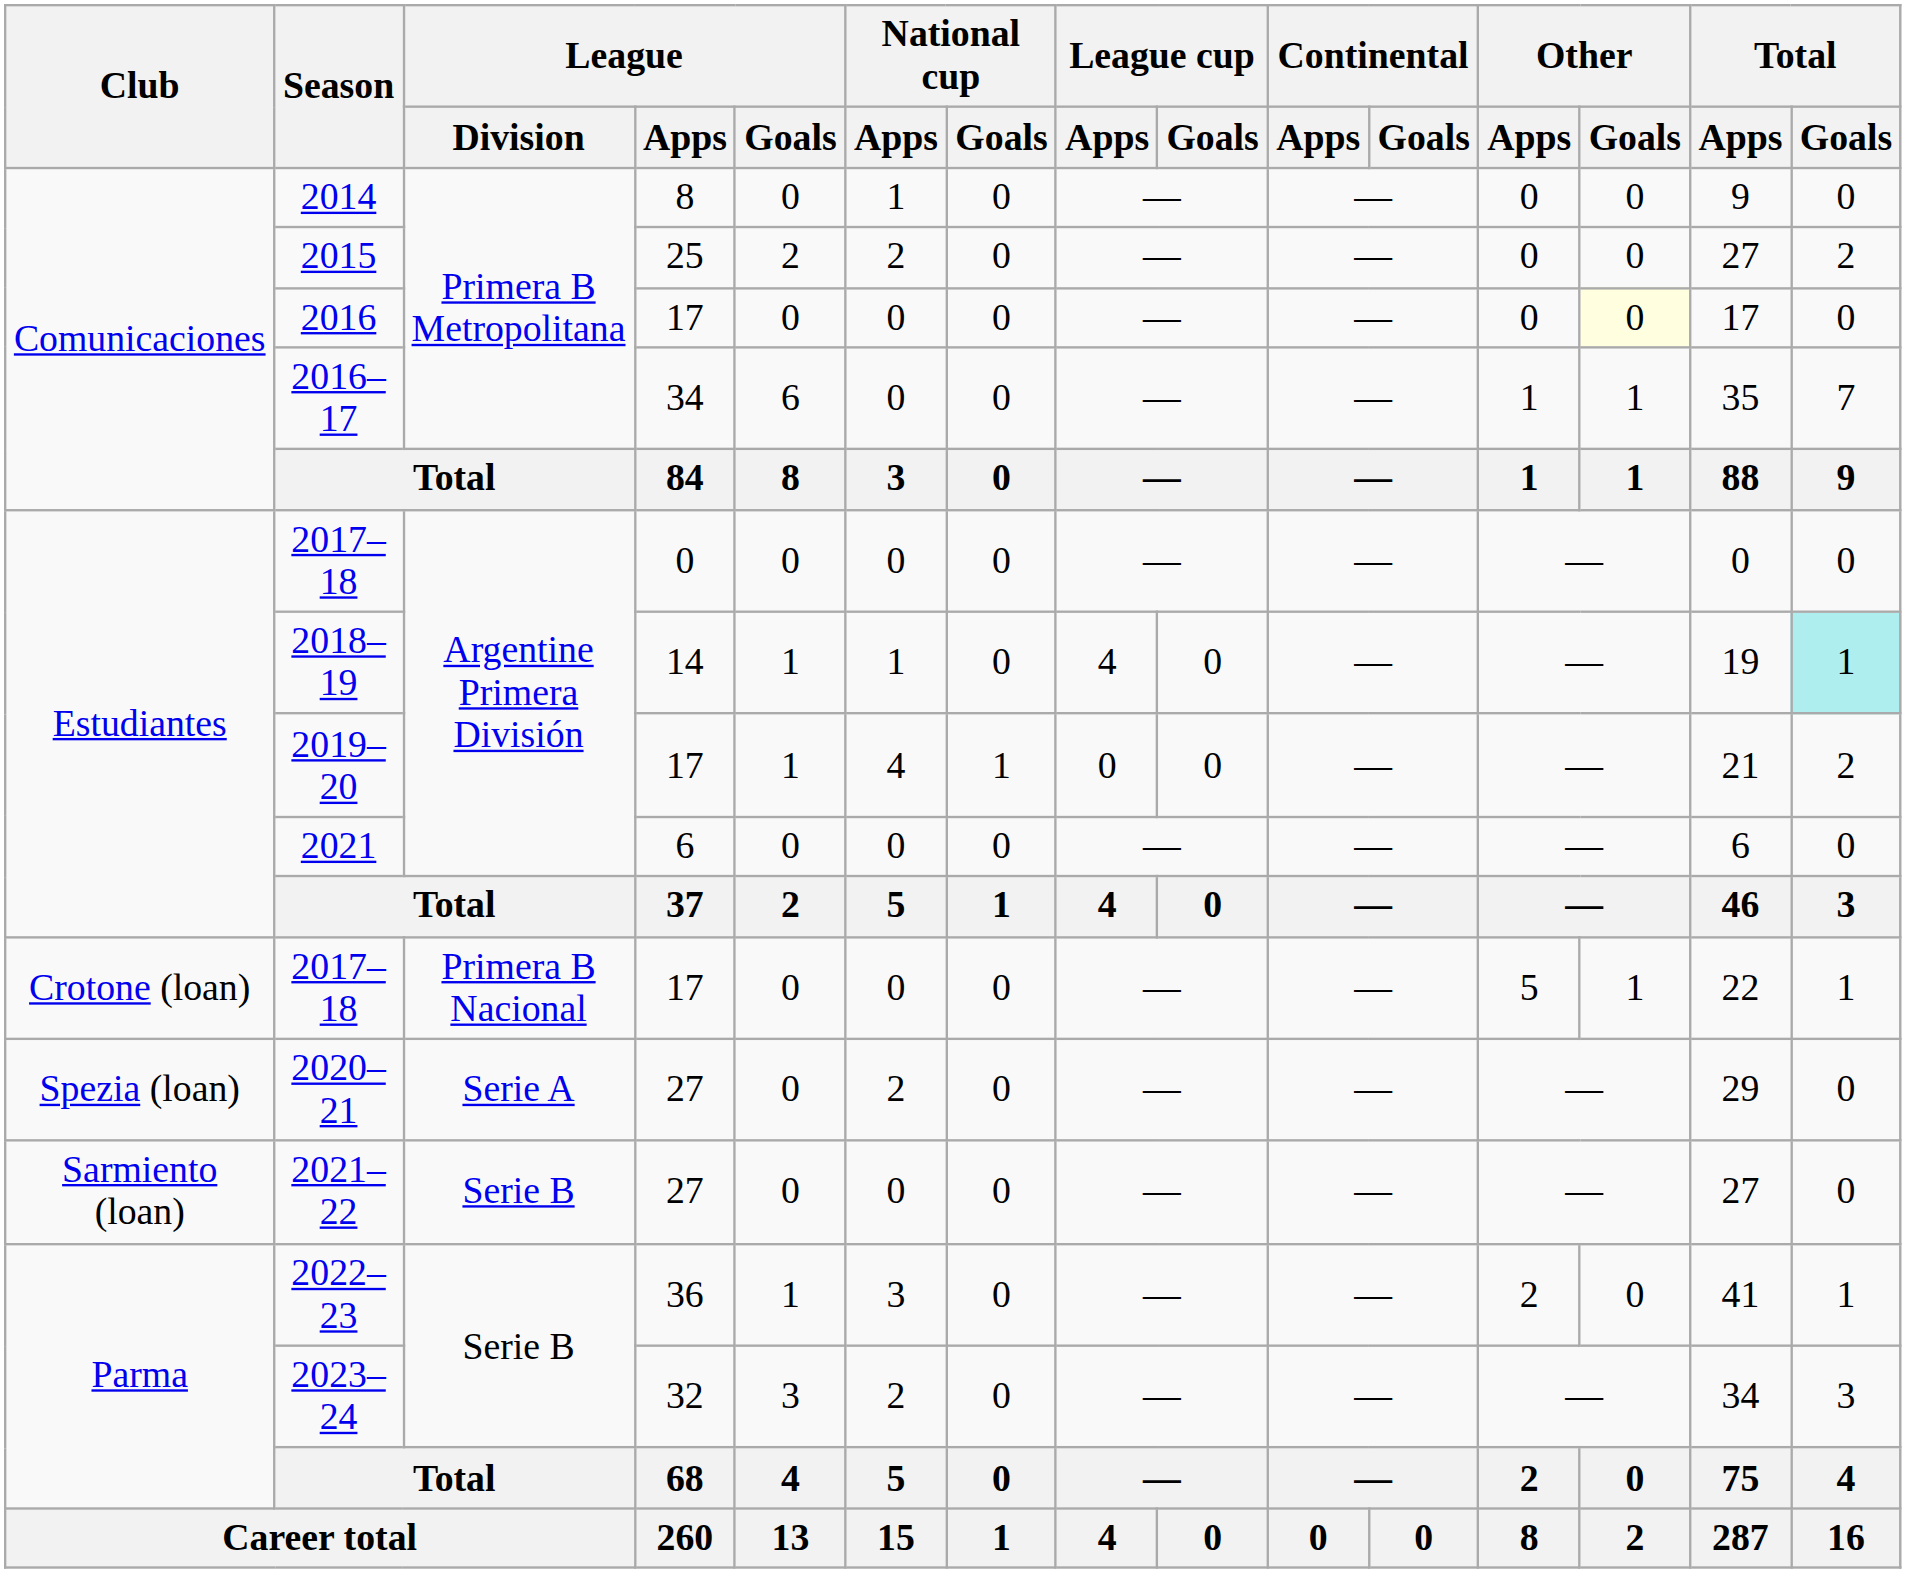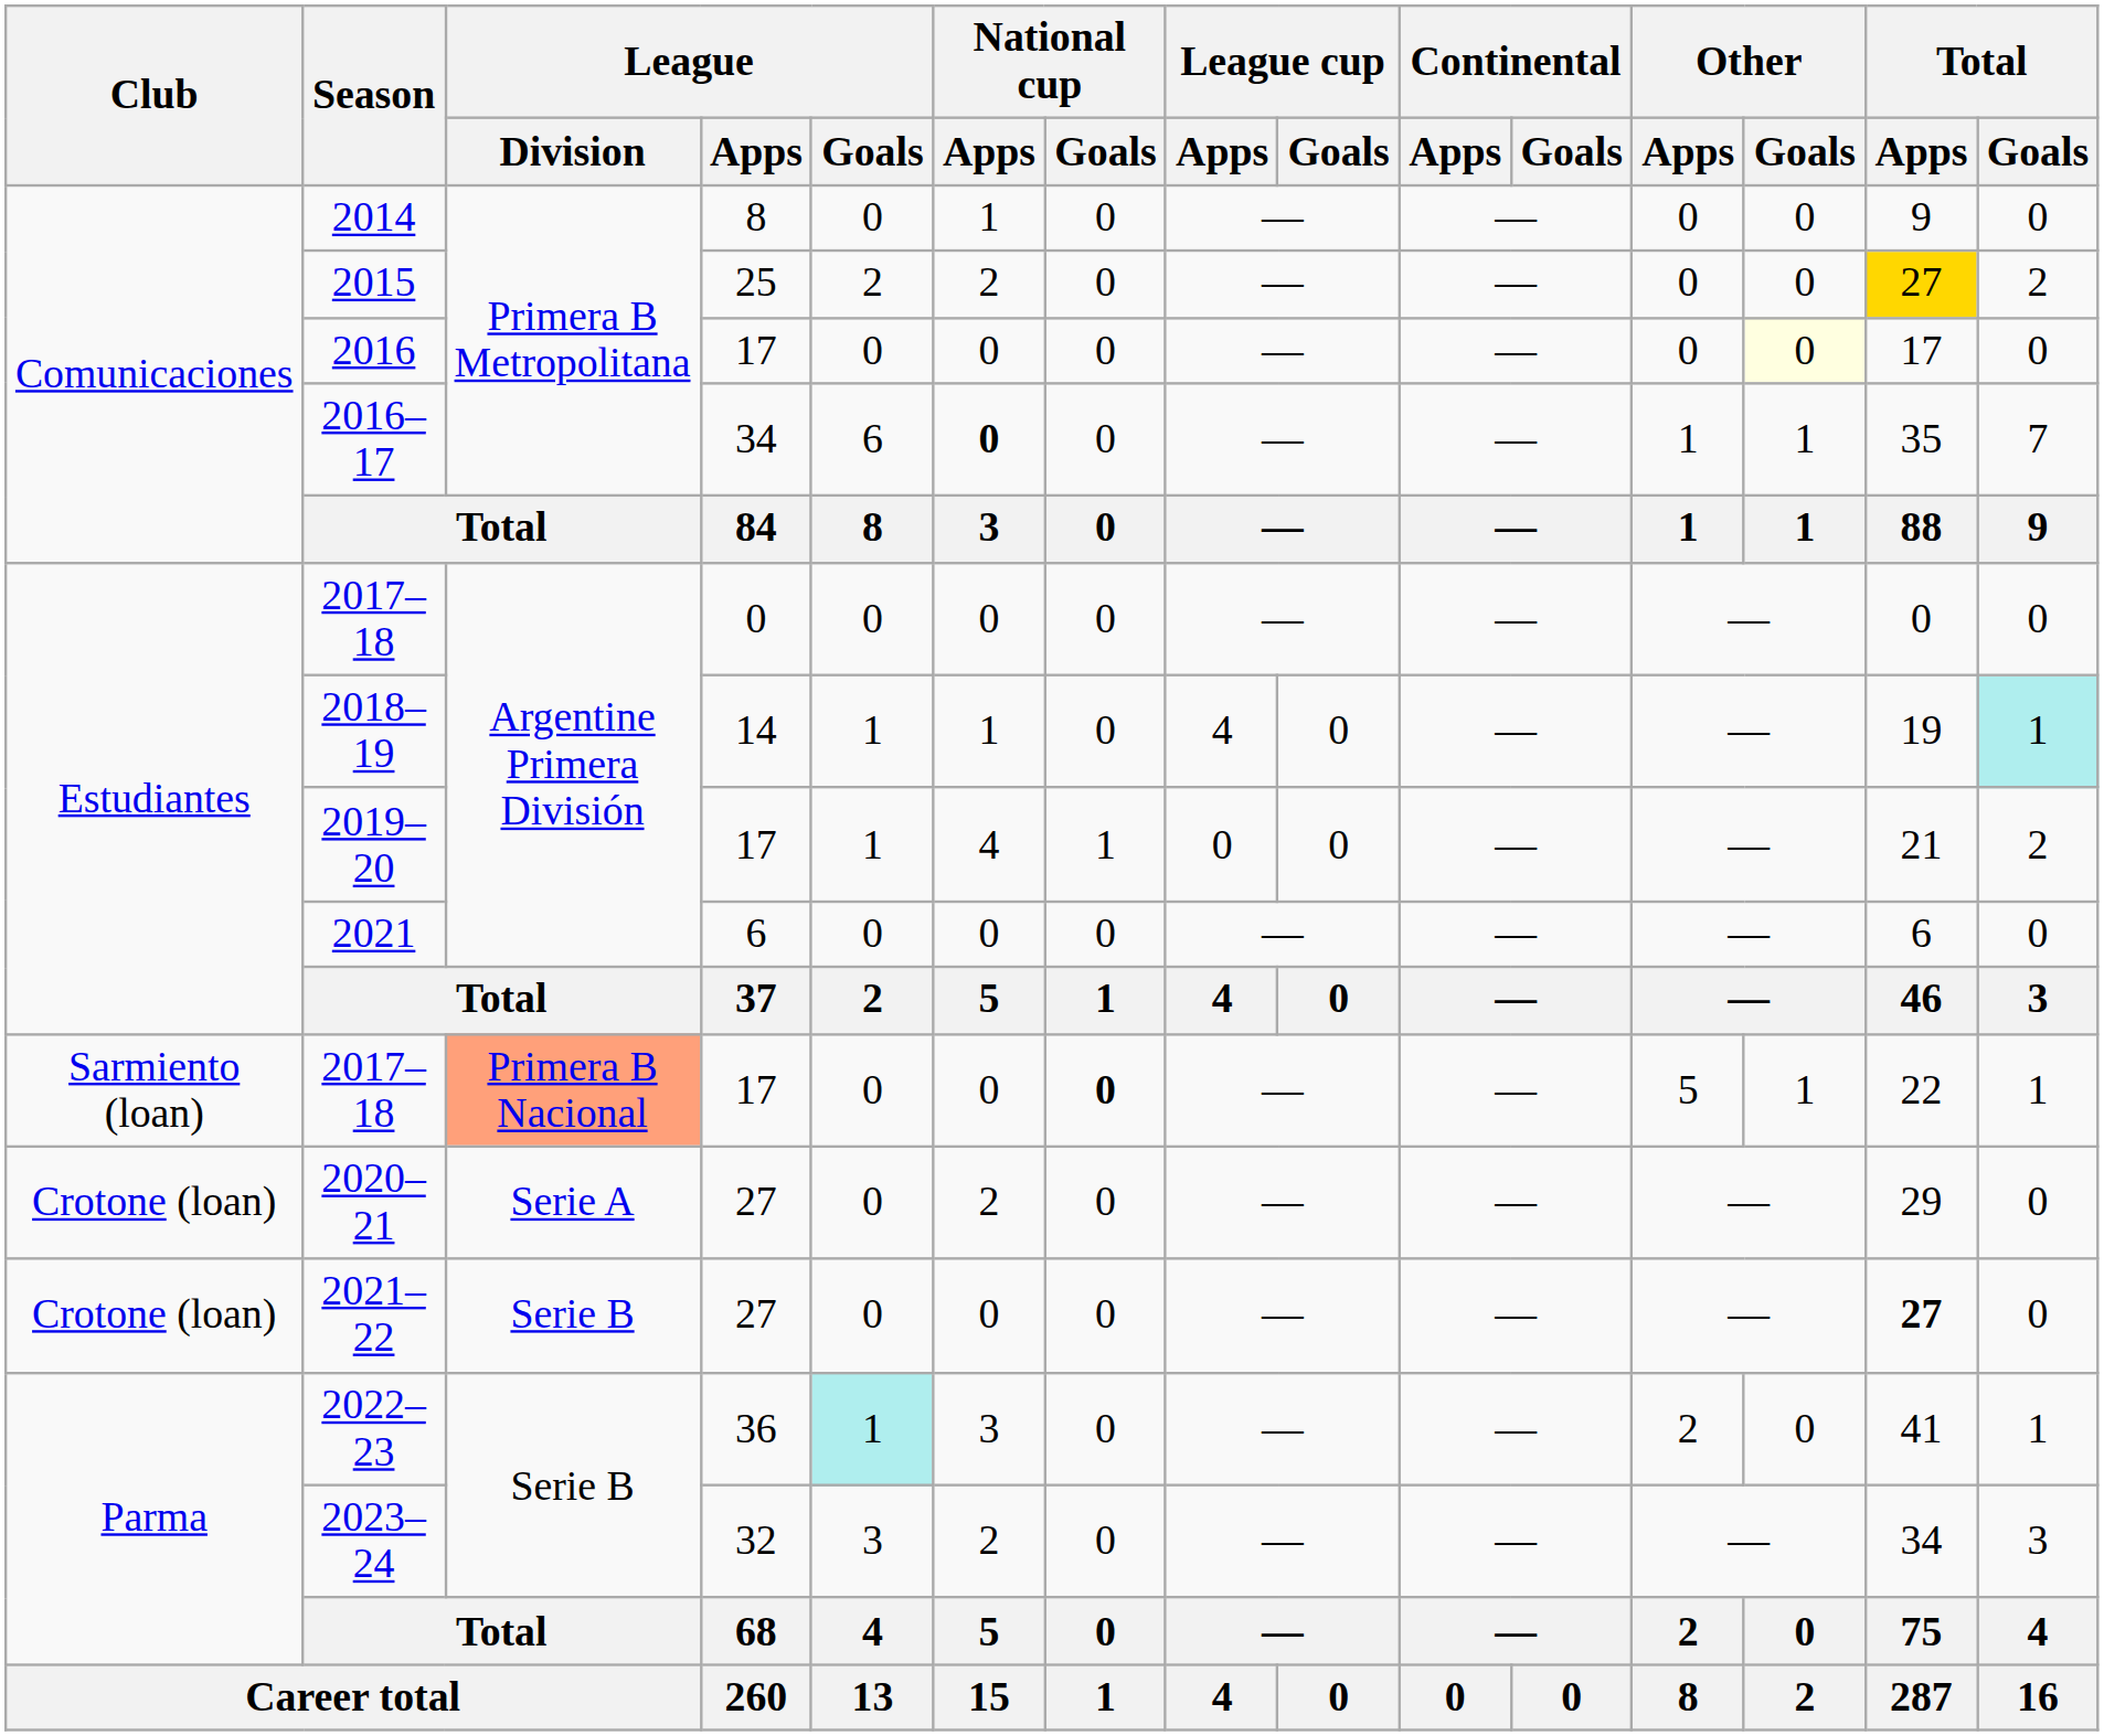 <table class="wikitable" style="text-align:center">
 <tr>
 <th rowspan="2">Club</th>
 <th rowspan="2">Season</th>
 <th colspan="3">League</th>
 <th colspan="2">National cup</th>
 <th colspan="2">League cup</th>
 <th colspan="2">Continental</th>
 <th colspan="2">Other</th>
 <th colspan="2">Total</th>
 </tr>
 <tr>
 <th>Division</th>
 <th>Apps</th>
 <th>Goals</th>
 <th>Apps</th>
 <th>Goals</th>
 <th>Apps</th>
 <th>Goals</th>
 <th>Apps</th>
 <th>Goals</th>
 <th>Apps</th>
 <th>Goals</th>
 <th>Apps</th>
 <th>Goals</th>
 </tr>
 <tr>
 <td rowspan="5"><a href='#'>Comunicaciones</a></td>
 <td><a href='#'>2014</a></td>
 <td rowspan="4"><a href='#'>Primera B Metropolitana</a></td>
 <td>8</td>
 <td>0</td>
 <td>1</td>
 <td>0</td>
 <td colspan="2">—</td>
 <td colspan="2">—</td>
 <td>0</td>
 <td>0</td>
 <td>9</td>
 <td>0</td>
 </tr>
 <tr>
 <td><a href='#'>2015</a></td>
 <td>25</td>
 <td>2</td>
 <td>2</td>
 <td>0</td>
 <td colspan="2">—</td>
 <td colspan="2">—</td>
 <td>0</td>
 <td>0</td>
-<td>27</td>
+<td style="background: gold;">27</td>
 <td>2</td>
 </tr>
 <tr>
 <td><a href='#'>2016</a></td>
 <td>17</td>
 <td>0</td>
 <td>0</td>
 <td>0</td>
 <td colspan="2">—</td>
 <td colspan="2">—</td>
 <td>0</td>
 <td style="background: lightyellow;">0</td>
 <td>17</td>
 <td>0</td>
 </tr>
 <tr>
 <td><a href='#'>2016–17</a></td>
 <td>34</td>
 <td>6</td>
-<td>0</td>
+<td><strong>0</strong></td>
 <td>0</td>
 <td colspan="2">—</td>
 <td colspan="2">—</td>
 <td>1</td>
 <td>1</td>
 <td>35</td>
 <td>7</td>
 </tr>
 <tr>
 <th colspan="2">Total</th>
 <th>84</th>
 <th>8</th>
 <th>3</th>
 <th>0</th>
 <th colspan="2">—</th>
 <th colspan="2">—</th>
 <th>1</th>
 <th>1</th>
 <th>88</th>
 <th>9</th>
 </tr>
 <tr>
 <td rowspan="5"><a href='#'>Estudiantes</a></td>
 <td><a href='#'>2017–18</a></td>
 <td rowspan="4"><a href='#'>Argentine Primera División</a></td>
 <td>0</td>
 <td>0</td>
 <td>0</td>
 <td>0</td>
 <td colspan="2">—</td>
 <td colspan="2">—</td>
 <td colspan="2">—</td>
 <td>0</td>
 <td>0</td>
 </tr>
 <tr>
 <td><a href='#'>2018–19</a></td>
 <td>14</td>
 <td>1</td>
 <td>1</td>
 <td>0</td>
 <td>4</td>
 <td>0</td>
 <td colspan="2">—</td>
 <td colspan="2">—</td>
 <td>19</td>
 <td style="background: paleturquoise;">1</td>
 </tr>
 <tr>
 <td><a href='#'>2019–20</a></td>
 <td>17</td>
 <td>1</td>
 <td>4</td>
 <td>1</td>
 <td>0</td>
 <td>0</td>
 <td colspan="2">—</td>
 <td colspan="2">—</td>
 <td>21</td>
 <td>2</td>
 </tr>
 <tr>
 <td><a href='#'>2021</a></td>
 <td>6</td>
 <td>0</td>
 <td>0</td>
 <td>0</td>
 <td colspan="2">—</td>
 <td colspan="2">—</td>
 <td colspan="2">—</td>
 <td>6</td>
 <td>0</td>
 </tr>
 <tr>
 <th colspan="2">Total</th>
 <th>37</th>
 <th>2</th>
 <th>5</th>
 <th>1</th>
 <th>4</th>
 <th>0</th>
 <th colspan="2">—</th>
 <th colspan="2">—</th>
 <th>46</th>
 <th>3</th>
 </tr>
 <tr>
-<td><a href='#'>Crotone</a> (loan)</td>
+<td><a href='#'>Sarmiento</a> (loan)</td>
 <td><a href='#'>2017–18</a></td>
-<td><a href='#'>Primera B Nacional</a></td>
+<td style="background: lightsalmon;"><a href='#'>Primera B Nacional</a></td>
 <td>17</td>
 <td>0</td>
 <td>0</td>
-<td>0</td>
+<td><strong>0</strong></td>
 <td colspan="2">—</td>
 <td colspan="2">—</td>
 <td>5</td>
 <td>1</td>
 <td>22</td>
 <td>1</td>
 </tr>
 <tr>
-<td><a href='#'>Spezia</a> (loan)</td>
+<td><a href='#'>Crotone</a> (loan)</td>
 <td><a href='#'>2020–21</a></td>
 <td><a href='#'>Serie A</a></td>
 <td>27</td>
 <td>0</td>
 <td>2</td>
 <td>0</td>
 <td colspan="2">—</td>
 <td colspan="2">—</td>
 <td colspan="2">—</td>
 <td>29</td>
 <td>0</td>
 </tr>
 <tr>
-<td><a href='#'>Sarmiento</a> (loan)</td>
+<td><a href='#'>Crotone</a> (loan)</td>
 <td><a href='#'>2021–22</a></td>
 <td><a href='#'>Serie B</a></td>
 <td>27</td>
 <td>0</td>
 <td>0</td>
 <td>0</td>
 <td colspan="2">—</td>
 <td colspan="2">—</td>
 <td colspan="2">—</td>
-<td>27</td>
+<td><strong>27</strong></td>
 <td>0</td>
 </tr>
 <tr>
 <td rowspan="3"><a href='#'>Parma</a></td>
 <td><a href='#'>2022–23</a></td>
 <td rowspan="2">Serie B</td>
 <td>36</td>
-<td>1</td>
+<td style="background: paleturquoise;">1</td>
 <td>3</td>
 <td>0</td>
 <td colspan="2">—</td>
 <td colspan="2">—</td>
 <td>2</td>
 <td>0</td>
 <td>41</td>
 <td>1</td>
 </tr>
 <tr>
 <td><a href='#'>2023–24</a></td>
 <td>32</td>
 <td>3</td>
 <td>2</td>
 <td>0</td>
 <td colspan="2">—</td>
 <td colspan="2">—</td>
 <td colspan="2">—</td>
 <td>34</td>
 <td>3</td>
 </tr>
 <tr>
 <th colspan="2">Total</th>
 <th>68</th>
 <th>4</th>
 <th>5</th>
 <th>0</th>
 <th colspan="2">—</th>
 <th colspan="2">—</th>
 <th>2</th>
 <th>0</th>
 <th>75</th>
 <th>4</th>
 </tr>
 <tr>
 <th colspan="3">Career total</th>
 <th>260</th>
 <th>13</th>
 <th>15</th>
 <th>1</th>
 <th>4</th>
 <th>0</th>
 <th>0</th>
 <th>0</th>
 <th>8</th>
 <th>2</th>
 <th>287</th>
 <th>16</th>
 </tr>
 </table>
